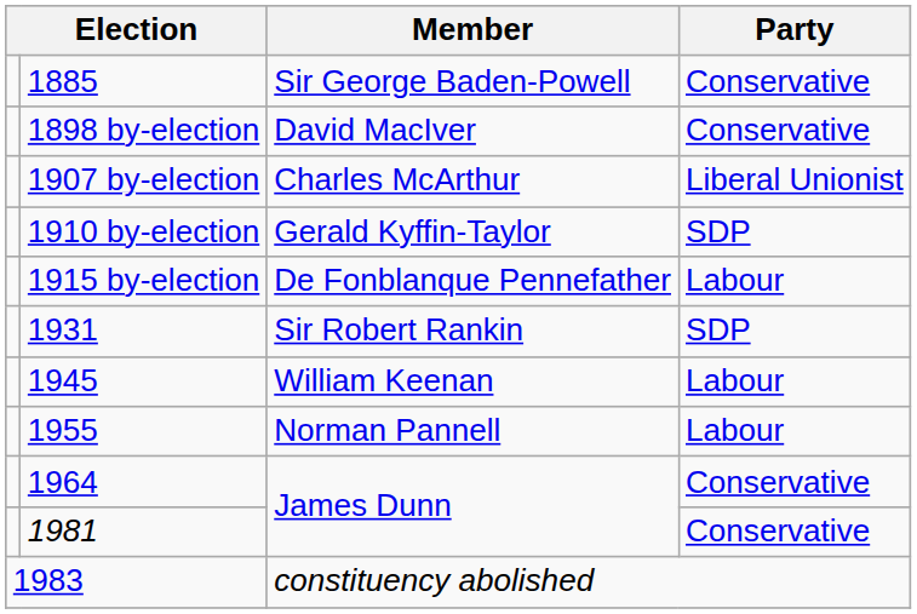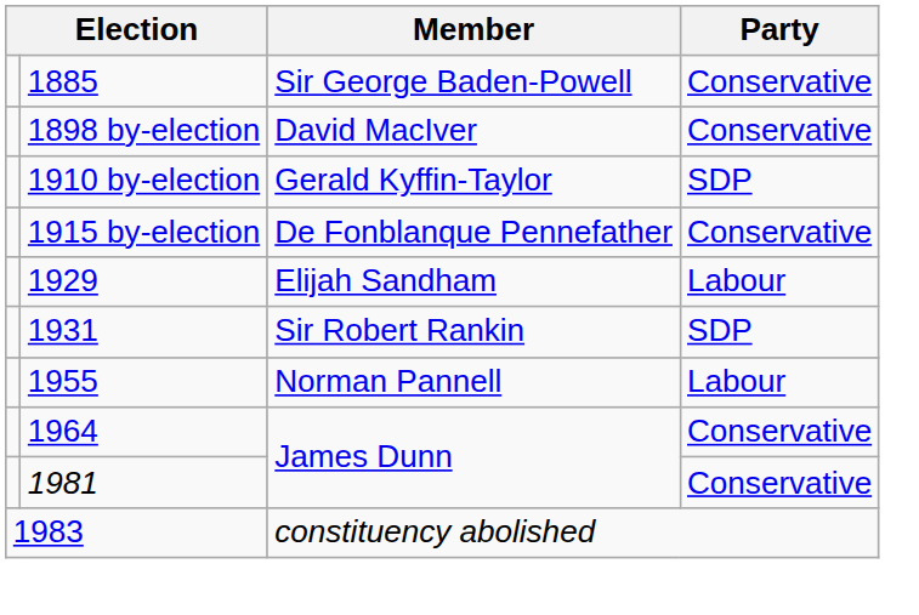 <table class="wikitable">
 <tr>
 <th colspan="2">Election</th>
 <th>Member</th>
 <th>Party</th>
 </tr>
 <tr>
 <td style="color:inherit;background-color: "></td>
 <td><a href='#'>1885</a></td>
 <td><a href='#'>Sir George Baden-Powell</a></td>
 <td><a href='#'>Conservative</a></td>
 </tr>
 <tr>
 <td style="color:inherit;background-color: "></td>
 <td><a href='#'>1898 by-election</a></td>
 <td><a href='#'>David MacIver</a></td>
 <td><a href='#'>Conservative</a></td>
 </tr>
 <tr>
 <td style="color:inherit;background-color: "></td>
-<td><a href='#'>1907 by-election</a></td>
-<td><a href='#'>Charles McArthur</a></td>
-<td><a href='#'>Liberal Unionist</a></td>
-</tr>
-<tr>
-<td style="color:inherit;background-color: "></td>
 <td><a href='#'>1910 by-election</a></td>
 <td><a href='#'>Gerald Kyffin-Taylor</a></td>
 <td><a href='#'>SDP</a></td>
 </tr>
 <tr>
 <td style="color:inherit;background-color: "></td>
 <td><a href='#'>1915 by-election</a></td>
 <td><a href='#'>De Fonblanque Pennefather</a></td>
+<td><a href='#'>Conservative</a></td>
+</tr>
+<tr>
+<td style="color:inherit;background-color: "></td>
+<td><a href='#'>1929</a></td>
+<td><a href='#'>Elijah Sandham</a></td>
 <td><a href='#'>Labour</a></td>
 </tr>
 <tr>
 <td style="color:inherit;background-color: "></td>
 <td><a href='#'>1931</a></td>
 <td><a href='#'>Sir Robert Rankin</a></td>
 <td><a href='#'>SDP</a></td>
-</tr>
-<tr>
-<td style="color:inherit;background-color: "></td>
-<td><a href='#'>1945</a></td>
-<td><a href='#'>William Keenan</a></td>
-<td><a href='#'>Labour</a></td>
 </tr>
 <tr>
 <td style="color:inherit;background-color: "></td>
 <td><a href='#'>1955</a></td>
 <td><a href='#'>Norman Pannell</a></td>
 <td><a href='#'>Labour</a></td>
 </tr>
 <tr>
 <td style="color:inherit;background-color: "></td>
 <td><a href='#'>1964</a></td>
 <td rowspan="2"><a href='#'>James Dunn</a></td>
 <td><a href='#'>Conservative</a></td>
 </tr>
 <tr>
 <td style="color:inherit;background-color: "></td>
 <td><em>1981</em></td>
 <td><a href='#'>Conservative</a></td>
 </tr>
 <tr>
 <td colspan="2" align="left"><a href='#'>1983</a></td>
 <td colspan="2"><em>constituency abolished</em></td>
 </tr>
 </table>
